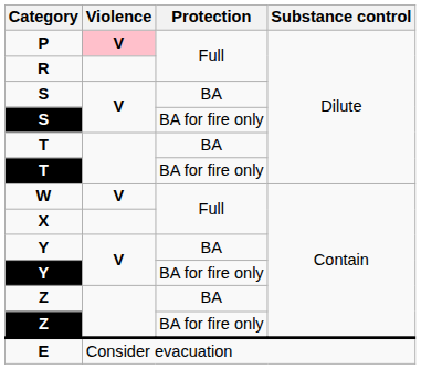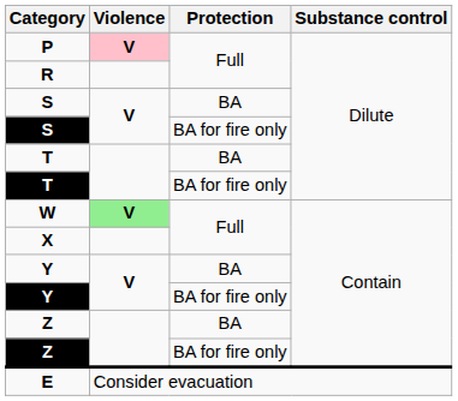 <table class="wikitable">
 <tr>
 <th>Category</th>
 <th>Violence</th>
 <th>Protection</th>
 <th>Substance control</th>
 </tr>
 <tr>
 <td align="center"><strong>P</strong></td>
 <td align="center" style="background: pink;"><strong>V</strong></td>
 <td rowspan="2" align="center">Full</td>
 <td rowspan="6" align="center">Dilute</td>
 </tr>
 <tr>
 <td align="center"><strong>R</strong></td>
 <td></td>
 </tr>
 <tr>
 <td align="center"><strong>S</strong></td>
 <td rowspan="2" align="center"><strong>V</strong></td>
 <td align="center">BA</td>
 </tr>
 <tr>
 <td align="center" style="background: #000000; color: #FFFFFF;"><strong>S</strong></td>
 <td align="center">BA for fire only</td>
 </tr>
 <tr>
 <td align="center"><strong>T</strong></td>
 <td rowspan="2" align="center"></td>
 <td align="center">BA</td>
 </tr>
 <tr>
 <td align="center" style="background: #000000; color: #FFFFFF;"><strong>T</strong></td>
 <td align="center">BA for fire only</td>
 </tr>
 <tr>
 <td align="center"><strong>W</strong></td>
-<td align="center"><strong>V</strong></td>
+<td align="center" style="background: lightgreen;"><strong>V</strong></td>
 <td rowspan="2" align="center">Full</td>
 <td rowspan="6" align="center">Contain</td>
 </tr>
 <tr>
 <td align="center"><strong>X</strong></td>
 <td></td>
 </tr>
 <tr>
 <td align="center"><strong>Y</strong></td>
 <td rowspan="2" align="center"><strong>V</strong></td>
 <td align="center">BA</td>
 </tr>
 <tr>
 <td align="center" style="background: #000000; color: #FFFFFF;"><strong>Y</strong></td>
 <td align="center">BA for fire only</td>
 </tr>
 <tr>
 <td align="center"><strong>Z</strong></td>
 <td rowspan="2" align="center"></td>
 <td align="center">BA</td>
 </tr>
 <tr>
 <td align="center" style="background: #000000; color: #FFFFFF;"><strong>Z</strong></td>
 <td align="center">BA for fire only</td>
 </tr>
 <tr>
 <td align="center" style="border-top: solid medium;"><strong>E</strong></td>
 <td colspan="3" align="left" style="border-top: solid medium;">Consider evacuation</td>
 </tr>
 </table>
